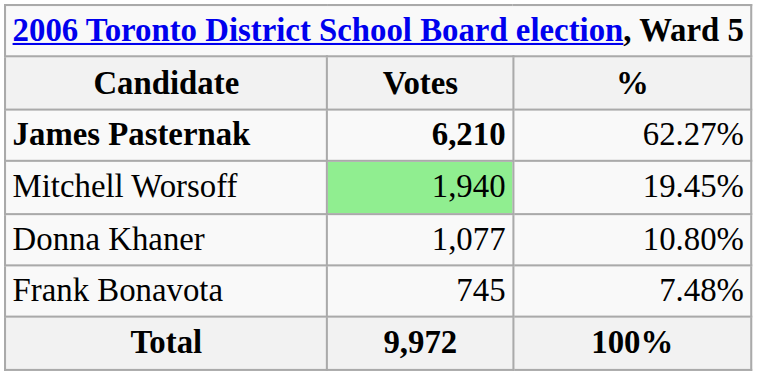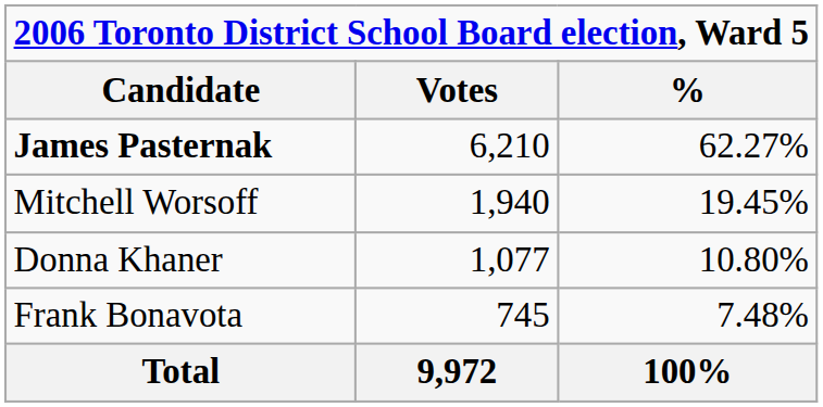 <table class="wikitable">
 <tr>
 <td Colspan="3" align="center"><strong><a href='#'>2006 Toronto District School Board election</a>, Ward 5</strong></td>
 </tr>
 <tr>
 <th bgcolor="#DDDDFF" width="150px">Candidate</th>
 <th bgcolor="#DDDDFF">Votes</th>
 <th bgcolor="#DDDDFF">%</th>
 </tr>
 <tr>
 <td><strong>James Pasternak</strong></td>
-<td align=right><strong>6,210</strong></td>
+<td align=right>6,210</td>
 <td align=right>62.27%</td>
 </tr>
 <tr>
 <td>Mitchell Worsoff</td>
-<td align=right style="background: lightgreen;">1,940</td>
+<td align=right>1,940</td>
 <td align=right>19.45%</td>
 </tr>
 <tr>
 <td>Donna Khaner</td>
 <td align=right>1,077</td>
 <td align=right>10.80%</td>
 </tr>
 <tr>
 <td>Frank Bonavota</td>
 <td align=right>745</td>
 <td align=right>7.48%</td>
 </tr>
 <tr>
 <th>Total</th>
 <th align=right>9,972</th>
 <th align=right>100%</th>
 </tr>
 </table>
